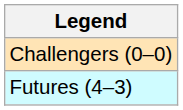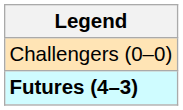 <table class=wikitable style=font-size:97%>
 <tr>
 <th>Legend</th>
 </tr>
 <tr bgcolor=moccasin>
 <td>Challengers (0–0)</td>
 </tr>
 <tr bgcolor=CFFCFF>
-<td>Futures (4–3)</td>
+<td><strong>Futures (4–3)</strong></td>
 </tr>
 </table>
